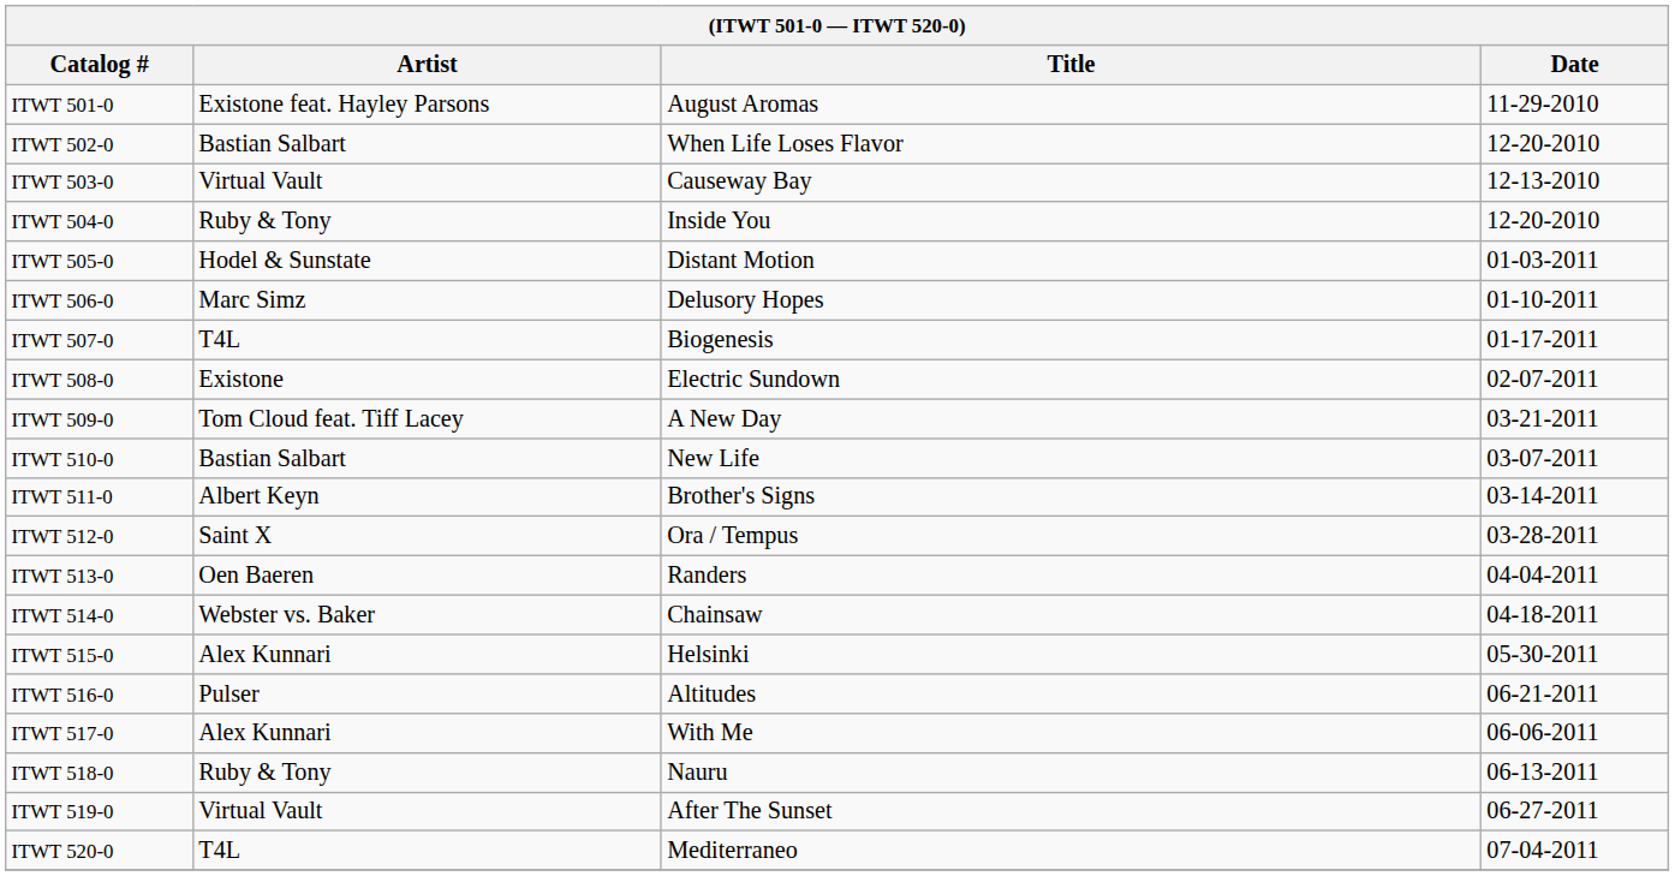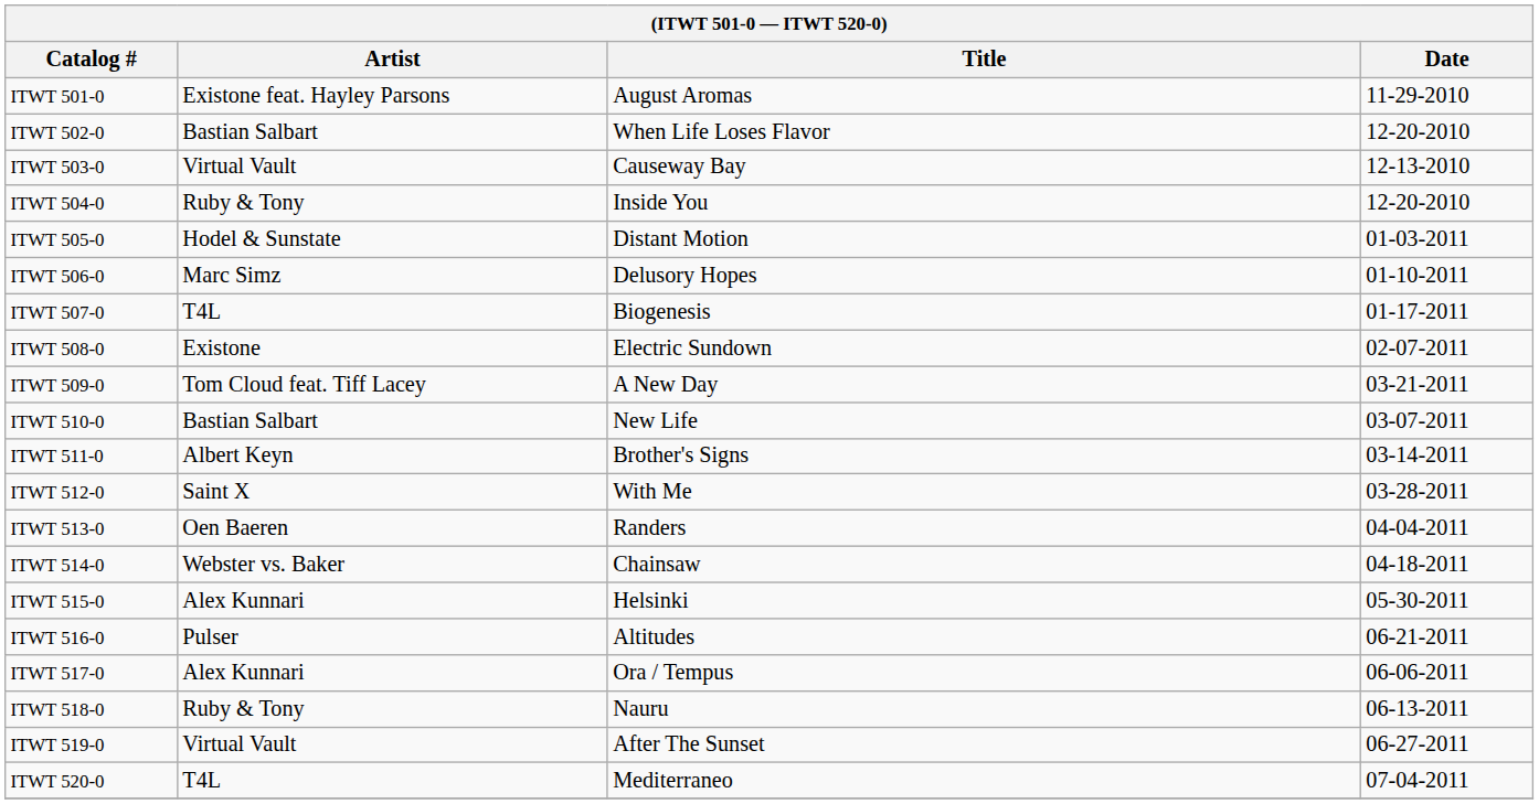 <table width="80%" class="wikitable collapsible collapsed" style="font-size:92%;position:relative;">
 <tr>
 <th colspan="5"><small>(ITWT 501-0 — ITWT 520-0)</small></th>
 </tr>
 <tr>
 <th width="8%">Catalog #</th>
 <th width="20%">Artist</th>
 <th width="35%">Title</th>
 <th width="8%">Date</th>
 </tr>
 <tr>
 <td><small>ITWT 501-0</small></td>
 <td>Existone feat. Hayley Parsons</td>
 <td>August Aromas</td>
 <td>11-29-2010</td>
 </tr>
 <tr>
 <td><small>ITWT 502-0</small></td>
 <td>Bastian Salbart</td>
 <td>When Life Loses Flavor</td>
 <td>12-20-2010</td>
 </tr>
 <tr>
 <td><small>ITWT 503-0</small></td>
 <td>Virtual Vault</td>
 <td>Causeway Bay</td>
 <td>12-13-2010</td>
 </tr>
 <tr>
 <td><small>ITWT 504-0</small></td>
 <td>Ruby & Tony</td>
 <td>Inside You</td>
 <td>12-20-2010</td>
 </tr>
 <tr>
 <td><small>ITWT 505-0</small></td>
 <td>Hodel & Sunstate</td>
 <td>Distant Motion</td>
 <td>01-03-2011</td>
 </tr>
 <tr>
 <td><small>ITWT 506-0</small></td>
 <td>Marc Simz</td>
 <td>Delusory Hopes</td>
 <td>01-10-2011</td>
 </tr>
 <tr>
 <td><small>ITWT 507-0</small></td>
 <td>T4L</td>
 <td>Biogenesis</td>
 <td>01-17-2011</td>
 </tr>
 <tr>
 <td><small>ITWT 508-0</small></td>
 <td>Existone</td>
 <td>Electric Sundown</td>
 <td>02-07-2011</td>
 </tr>
 <tr>
 <td><small>ITWT 509-0</small></td>
 <td>Tom Cloud feat. Tiff Lacey</td>
 <td>A New Day</td>
 <td>03-21-2011</td>
 </tr>
 <tr>
 <td><small>ITWT 510-0</small></td>
 <td>Bastian Salbart</td>
 <td>New Life</td>
 <td>03-07-2011</td>
 </tr>
 <tr>
 <td><small>ITWT 511-0</small></td>
 <td>Albert Keyn</td>
 <td>Brother's Signs</td>
 <td>03-14-2011</td>
 </tr>
 <tr>
 <td><small>ITWT 512-0</small></td>
 <td>Saint X</td>
-<td>Ora / Tempus</td>
+<td>With Me</td>
 <td>03-28-2011</td>
 </tr>
 <tr>
 <td><small>ITWT 513-0</small></td>
 <td>Oen Baeren</td>
 <td>Randers</td>
 <td>04-04-2011</td>
 </tr>
 <tr>
 <td><small>ITWT 514-0</small></td>
 <td>Webster vs. Baker</td>
 <td>Chainsaw</td>
 <td>04-18-2011</td>
 </tr>
 <tr>
 <td><small>ITWT 515-0</small></td>
 <td>Alex Kunnari</td>
 <td>Helsinki</td>
 <td>05-30-2011</td>
 </tr>
 <tr>
 <td><small>ITWT 516-0</small></td>
 <td>Pulser</td>
 <td>Altitudes</td>
 <td>06-21-2011</td>
 </tr>
 <tr>
 <td><small>ITWT 517-0</small></td>
 <td>Alex Kunnari</td>
-<td>With Me</td>
+<td>Ora / Tempus</td>
 <td>06-06-2011</td>
 </tr>
 <tr>
 <td><small>ITWT 518-0</small></td>
 <td>Ruby & Tony</td>
 <td>Nauru</td>
 <td>06-13-2011</td>
 </tr>
 <tr>
 <td><small>ITWT 519-0</small></td>
 <td>Virtual Vault</td>
 <td>After The Sunset</td>
 <td>06-27-2011</td>
 </tr>
 <tr>
 <td><small>ITWT 520-0</small></td>
 <td>T4L</td>
 <td>Mediterraneo</td>
 <td>07-04-2011</td>
 </tr>
 <tr>
 </tr>
 </table>
